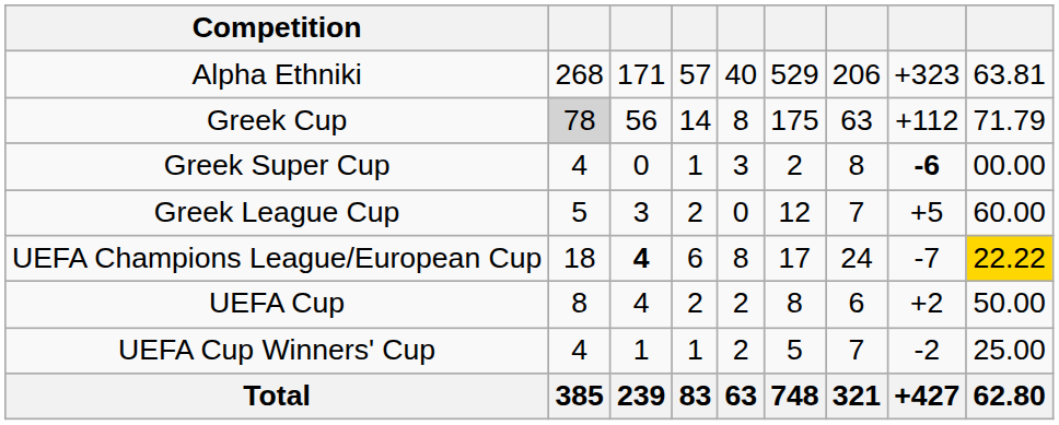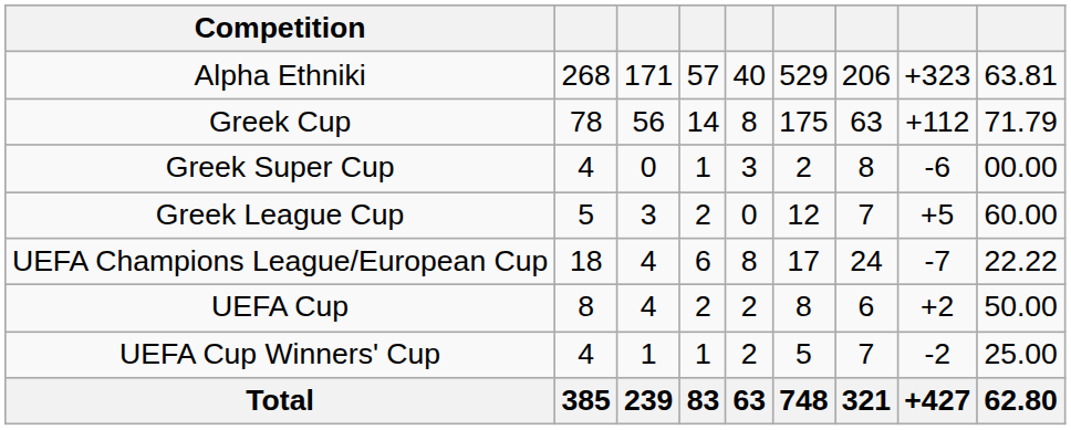 <table class="wikitable" style="text-align:center">
 <tr>
 <th>Competition</th>
 <th></th>
 <th></th>
 <th></th>
 <th></th>
 <th></th>
 <th></th>
 <th></th>
 <th></th>
 </tr>
 <tr>
 <td>Alpha Ethniki</td>
 <td>268</td>
 <td>171</td>
 <td>57</td>
 <td>40</td>
 <td>529</td>
 <td>206</td>
 <td>+323</td>
 <td>63.81</td>
 </tr>
 <tr>
 <td>Greek Cup</td>
-<td style="background: lightgrey;">78</td>
+<td>78</td>
 <td>56</td>
 <td>14</td>
 <td>8</td>
 <td>175</td>
 <td>63</td>
 <td>+112</td>
 <td>71.79</td>
 </tr>
 <tr>
 <td>Greek Super Cup</td>
 <td>4</td>
 <td>0</td>
 <td>1</td>
 <td>3</td>
 <td>2</td>
 <td>8</td>
-<td><strong>-6</strong></td>
+<td>-6</td>
 <td>00.00</td>
 </tr>
 <tr>
 <td>Greek League Cup</td>
 <td>5</td>
 <td>3</td>
 <td>2</td>
 <td>0</td>
 <td>12</td>
 <td>7</td>
 <td>+5</td>
 <td>60.00</td>
 </tr>
 <tr>
 <td>UEFA Champions League/European Cup</td>
 <td>18</td>
-<td><strong>4</strong></td>
+<td>4</td>
 <td>6</td>
 <td>8</td>
 <td>17</td>
 <td>24</td>
 <td>-7</td>
-<td style="background: gold;">22.22</td>
+<td>22.22</td>
 </tr>
 <tr>
 <td>UEFA Cup</td>
 <td>8</td>
 <td>4</td>
 <td>2</td>
 <td>2</td>
 <td>8</td>
 <td>6</td>
 <td>+2</td>
 <td>50.00</td>
 </tr>
 <tr>
 <td>UEFA Cup Winners' Cup</td>
 <td>4</td>
 <td>1</td>
 <td>1</td>
 <td>2</td>
 <td>5</td>
 <td>7</td>
 <td>-2</td>
 <td>25.00</td>
 </tr>
 <tr>
 <th>Total</th>
 <th>385</th>
 <th>239</th>
 <th>83</th>
 <th>63</th>
 <th>748</th>
 <th>321</th>
 <th>+427</th>
 <th>62.80</th>
 </tr>
 </table>
